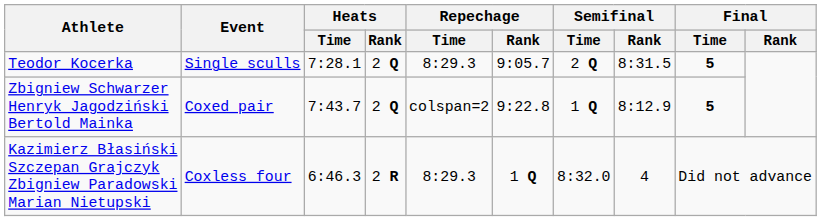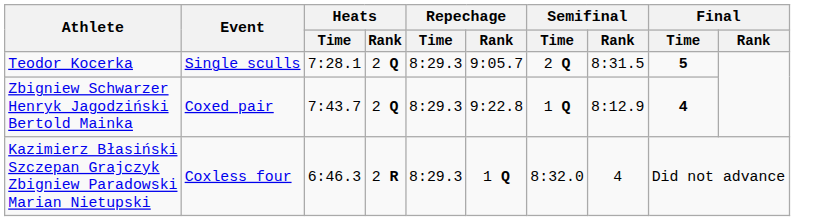 <table class="wikitable" style="font-size:90%">
 <tr>
 <th rowspan="2">Athlete</th>
 <th rowspan="2">Event</th>
 <th colspan="2">Heats</th>
 <th colspan="2">Repechage</th>
 <th colspan="2">Semifinal</th>
 <th colspan="2">Final</th>
 </tr>
 <tr style="font-size:95%">
 <th>Time</th>
 <th>Rank</th>
 <th>Time</th>
 <th>Rank</th>
 <th>Time</th>
 <th>Rank</th>
 <th>Time</th>
 <th>Rank</th>
 </tr>
 <tr align=center>
 <td align=left><a href='#'>Teodor Kocerka</a></td>
 <td align=left><a href='#'>Single sculls</a></td>
 <td>7:28.1</td>
 <td>2 <strong>Q</strong></td>
 <td>8:29.3</td>
 <td>9:05.7</td>
 <td>2 <strong>Q</strong></td>
 <td>8:31.5</td>
 <td><strong>5</strong></td>
 </tr>
 <tr align=center>
 <td align=left><a href='#'>Zbigniew Schwarzer</a><br><a href='#'>Henryk Jagodziński</a><br><a href='#'>Bertold Mainka</a></td>
 <td align=left><a href='#'>Coxed pair</a></td>
 <td>7:43.7</td>
 <td>2 <strong>Q</strong></td>
-<td>colspan=2 </td>
+<td>8:29.3</td>
 <td>9:22.8</td>
 <td>1 <strong>Q</strong></td>
 <td>8:12.9</td>
-<td><strong>5</strong></td>
+<td><strong>4</strong></td>
 </tr>
 <tr align=center>
 <td align=left><a href='#'>Kazimierz Błasiński</a><br><a href='#'>Szczepan Grajczyk</a><br><a href='#'>Zbigniew Paradowski</a><br><a href='#'>Marian Nietupski</a></td>
 <td align=left><a href='#'>Coxless four</a></td>
 <td>6:46.3</td>
 <td>2 <strong>R</strong></td>
 <td>8:29.3</td>
 <td>1 <strong>Q</strong></td>
 <td>8:32.0</td>
 <td>4</td>
 <td colspan=2>Did not advance</td>
 </tr>
 </table>
